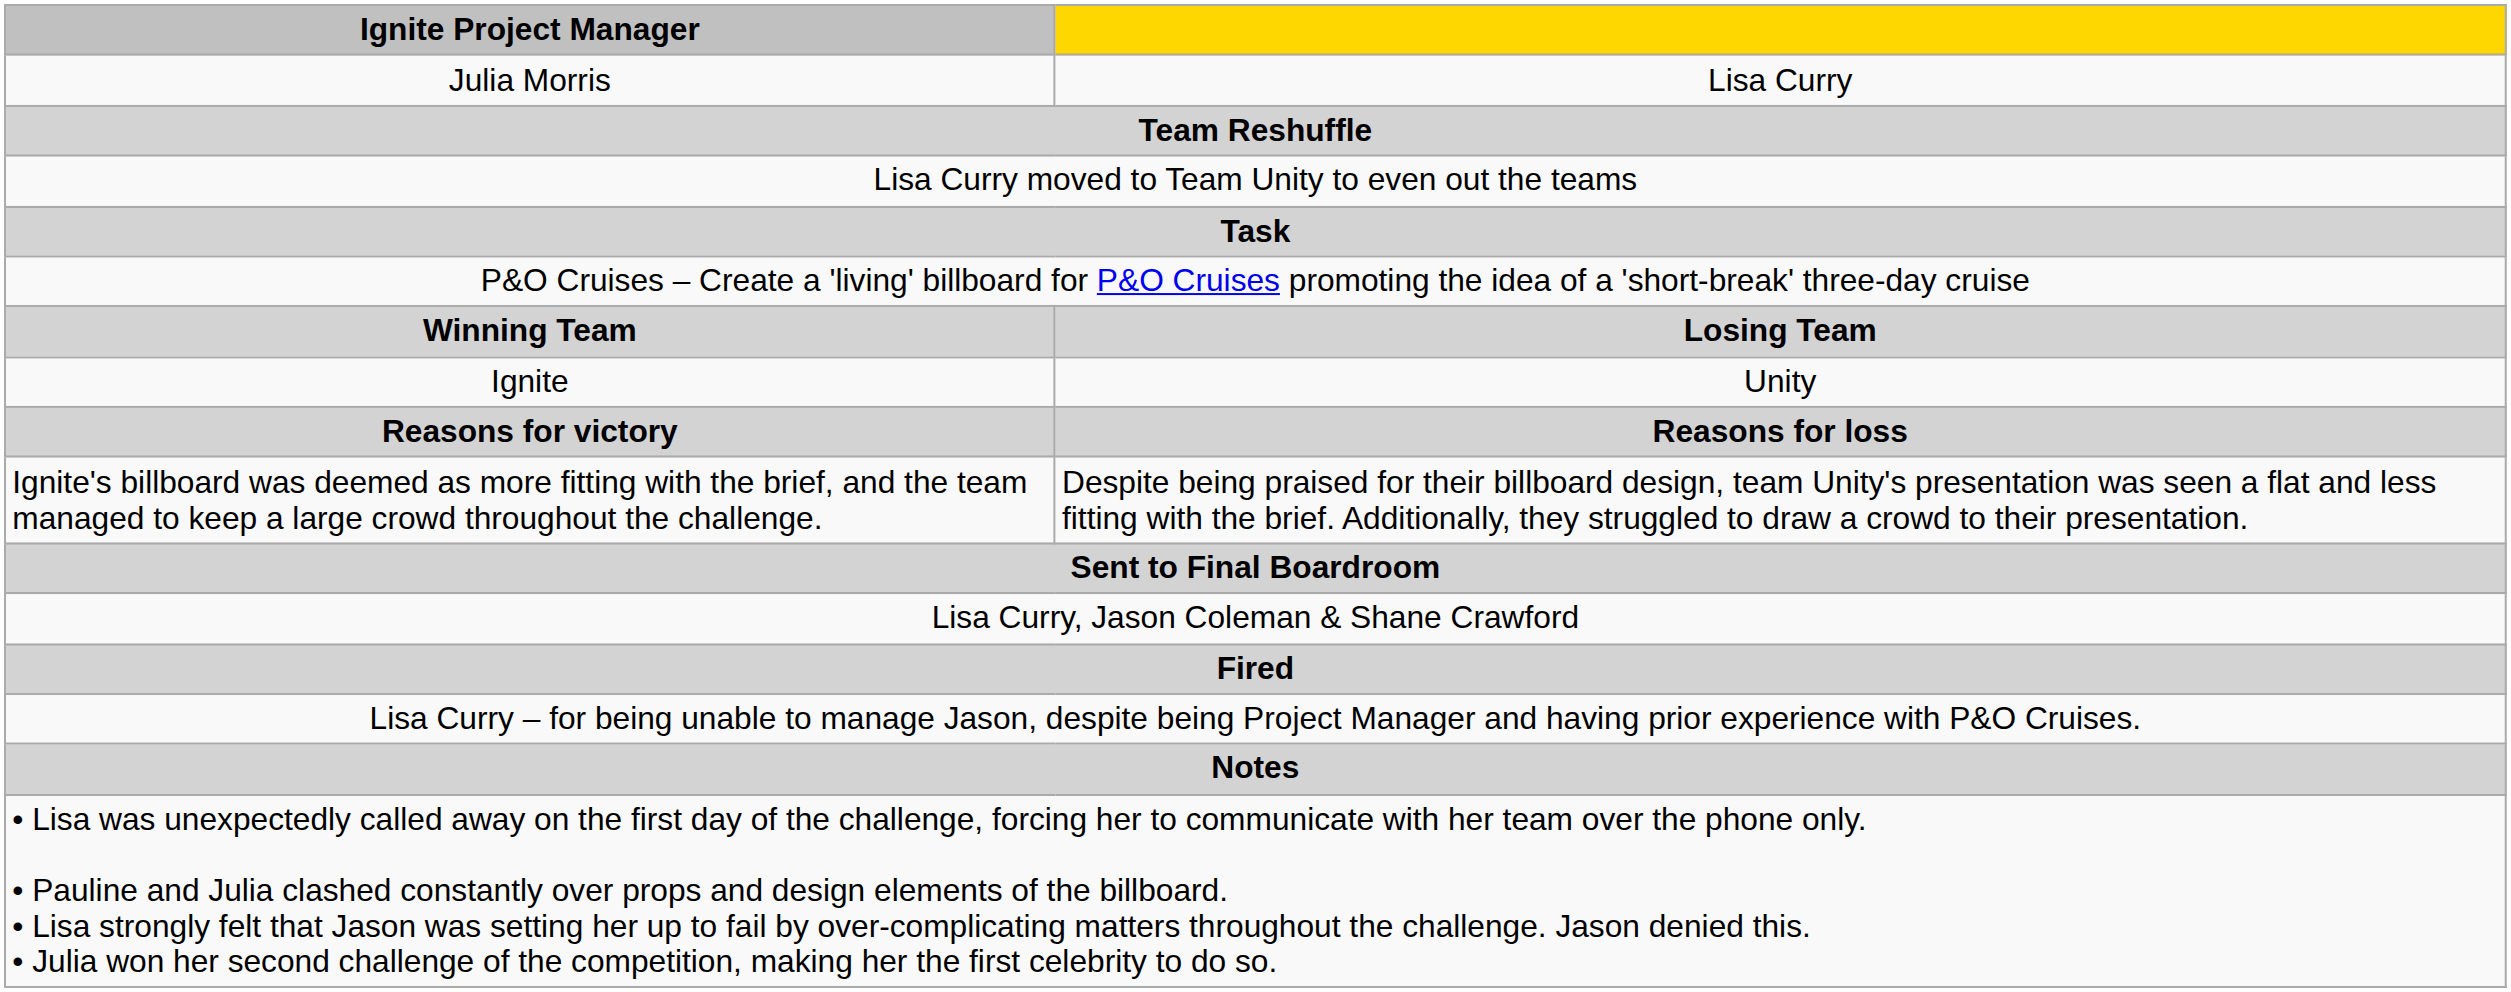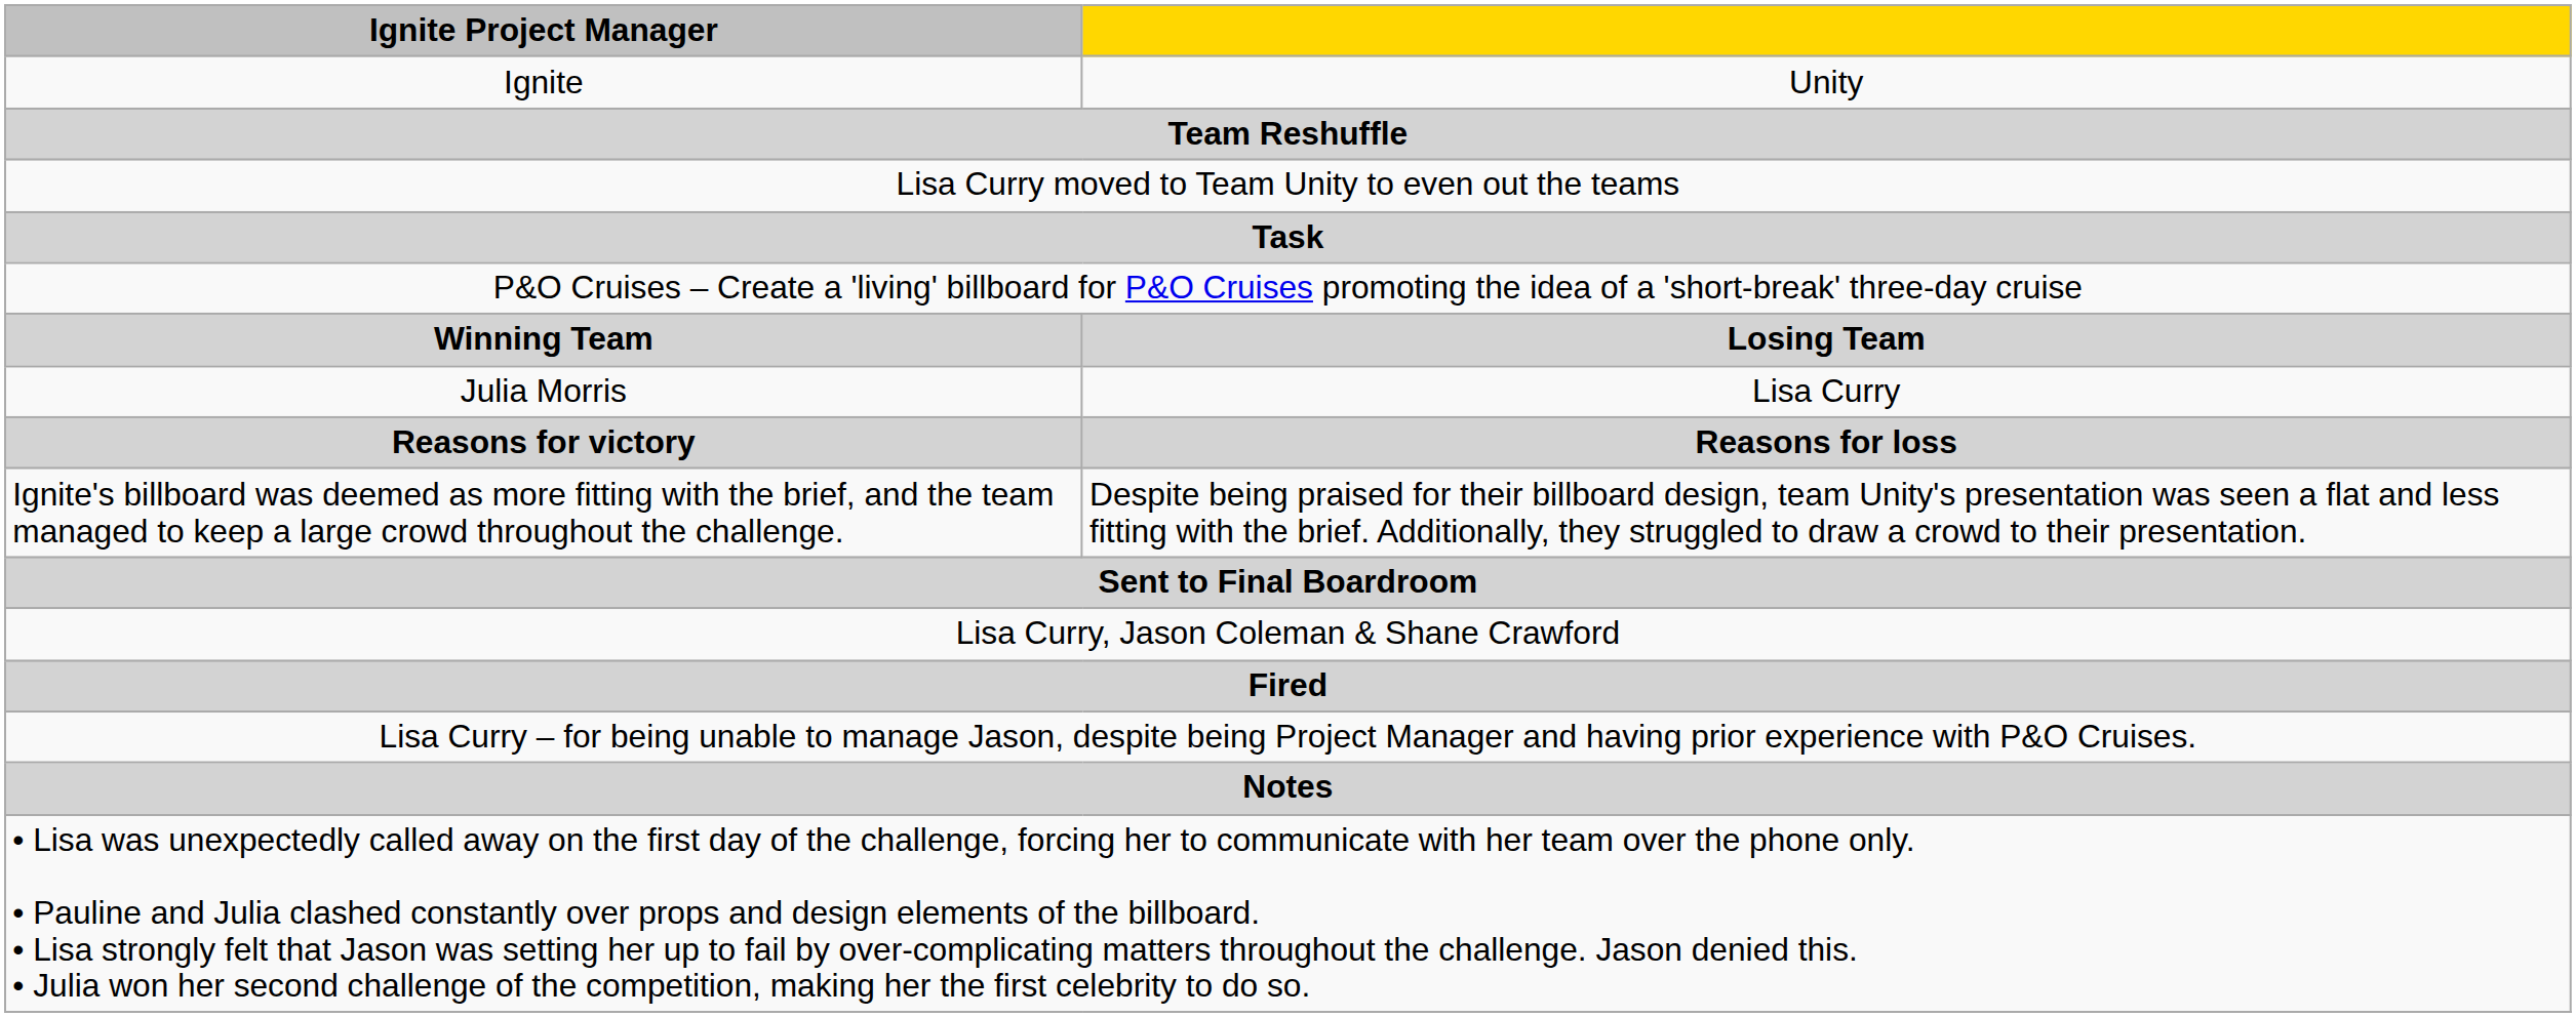 <table class="wikitable" style="text-align: center; width:100%">
 <tr>
 <th style="text-align:center; background:silver;">Ignite Project Manager</th>
 <th style="text-align:center; background:gold;"></th>
 </tr>
 <tr>
-<td>Julia Morris</td>
-<td>Lisa Curry</td>
+<td>Ignite</td>
+<td>Unity</td>
 </tr>
 <tr>
 <th colspan="2" style="text-align:center; background:lightgrey;">Team Reshuffle</th>
 </tr>
 <tr>
 <td colspan="2">Lisa Curry moved to Team Unity to even out the teams</td>
 </tr>
 <tr>
 <th colspan="2" style="text-align:center; background:lightgrey;">Task</th>
 </tr>
 <tr>
 <td colspan="2">P&O Cruises – Create a 'living' billboard for <a href='#'>P&O Cruises</a> promoting the idea of a 'short-break' three-day cruise</td>
 </tr>
 <tr>
 <th style="text-align:center; background:lightgrey;">Winning Team</th>
 <th style="text-align:center; background:lightgrey;">Losing Team</th>
 </tr>
 <tr>
-<td>Ignite</td>
-<td>Unity</td>
+<td>Julia Morris</td>
+<td>Lisa Curry</td>
 </tr>
 <tr>
 <th style="text-align:center; background:lightgrey;">Reasons for victory</th>
 <th style="text-align:center; background:lightgrey;">Reasons for loss</th>
 </tr>
 <tr style="text-align: left;">
 <td>Ignite's billboard was deemed as more fitting with the brief, and the team managed to keep a large crowd throughout the challenge.</td>
 <td>Despite being praised for their billboard design, team Unity's presentation was seen a flat and less fitting with the brief. Additionally, they struggled to draw a crowd to their presentation.</td>
 </tr>
 <tr>
 <th colspan="2" style="text-align:center; background:lightgrey;">Sent to Final Boardroom</th>
 </tr>
 <tr>
 <td colspan="2">Lisa Curry, Jason Coleman & Shane Crawford</td>
 </tr>
 <tr>
 <th colspan="2" style="text-align:center; background:lightgrey;">Fired</th>
 </tr>
 <tr>
 <td colspan="2">Lisa Curry – for being unable to manage Jason, despite being Project Manager and having prior experience with P&O Cruises.</td>
 </tr>
 <tr>
 <th colspan="2" style="text-align:center; background:lightgrey;">Notes</th>
 </tr>
 <tr style="text-align: left;">
 <td colspan="2">• Lisa was unexpectedly called away on the first day of the challenge, forcing her to communicate with her team over the phone only.<br><br>• Pauline and Julia clashed constantly over props and design elements of the billboard.<br> • Lisa strongly felt that Jason was setting her up to fail by over-complicating matters throughout the challenge. Jason denied this.<br> • Julia won her second challenge of the competition, making her the first celebrity to do so.</td>
 </tr>
 <tr>
 </tr>
 </table>
